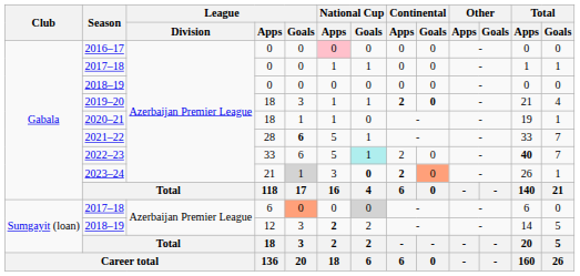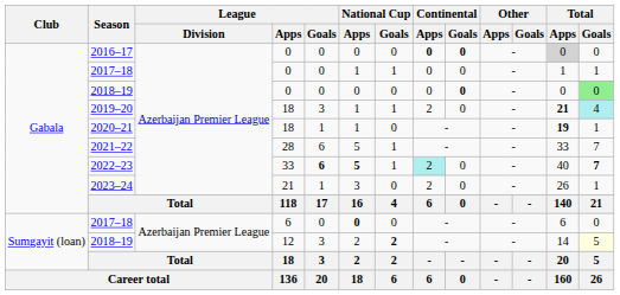 <table class="wikitable" style="text-align:center">
 <tr>
 <th rowspan="2">Club</th>
 <th rowspan="2">Season</th>
 <th colspan="3">League</th>
 <th colspan="2">National Cup</th>
 <th colspan="2">Continental</th>
 <th colspan="2">Other</th>
 <th colspan="2">Total</th>
 </tr>
 <tr>
 <th>Division</th>
 <th>Apps</th>
 <th>Goals</th>
 <th>Apps</th>
 <th>Goals</th>
 <th>Apps</th>
 <th>Goals</th>
 <th>Apps</th>
 <th>Goals</th>
 <th>Apps</th>
 <th>Goals</th>
 </tr>
 <tr>
 <td rowspan="9"><a href='#'>Gabala</a></td>
 <td><a href='#'>2016–17</a></td>
 <td rowspan="8"><a href='#'>Azerbaijan Premier League</a></td>
 <td>0</td>
 <td>0</td>
-<td style="background: pink;">0</td>
 <td>0</td>
 <td>0</td>
-<td>0</td>
+<td><strong>0</strong></td>
+<td><strong>0</strong></td>
 <td colspan="2">-</td>
-<td>0</td>
+<td style="background: lightgrey;">0</td>
 <td>0</td>
 </tr>
 <tr>
 <td><a href='#'>2017–18</a></td>
 <td>0</td>
 <td>0</td>
 <td>1</td>
 <td>1</td>
 <td>0</td>
 <td>0</td>
 <td colspan="2">-</td>
 <td>1</td>
 <td>1</td>
 </tr>
 <tr>
 <td><a href='#'>2018–19</a></td>
 <td>0</td>
 <td>0</td>
 <td>0</td>
 <td>0</td>
 <td>0</td>
-<td>0</td>
+<td><strong>0</strong></td>
 <td colspan="2">-</td>
 <td>0</td>
-<td>0</td>
+<td style="background: lightgreen;">0</td>
 </tr>
 <tr>
 <td><a href='#'>2019–20</a></td>
 <td>18</td>
 <td>3</td>
 <td>1</td>
 <td>1</td>
-<td><strong>2</strong></td>
-<td><strong>0</strong></td>
+<td>2</td>
+<td>0</td>
 <td colspan="2">-</td>
-<td>21</td>
-<td>4</td>
+<td><strong>21</strong></td>
+<td style="background: paleturquoise;">4</td>
 </tr>
 <tr>
 <td><a href='#'>2020–21</a></td>
 <td>18</td>
 <td>1</td>
 <td>1</td>
 <td>0</td>
 <td colspan="2">-</td>
 <td colspan="2">-</td>
-<td>19</td>
+<td><strong>19</strong></td>
 <td>1</td>
 </tr>
 <tr>
 <td><a href='#'>2021–22</a></td>
 <td>28</td>
-<td><strong>6</strong></td>
+<td>6</td>
 <td>5</td>
 <td>1</td>
 <td colspan="2">-</td>
 <td colspan="2">-</td>
 <td>33</td>
 <td>7</td>
 </tr>
 <tr>
 <td><a href='#'>2022–23</a></td>
 <td>33</td>
-<td>6</td>
-<td>5</td>
-<td style="background: paleturquoise;">1</td>
-<td>2</td>
+<td><strong>6</strong></td>
+<td><strong>5</strong></td>
+<td>1</td>
+<td style="background: paleturquoise;">2</td>
 <td>0</td>
 <td colspan="2">-</td>
-<td><strong>40</strong></td>
-<td>7</td>
+<td>40</td>
+<td><strong>7</strong></td>
 </tr>
 <tr>
 <td><a href='#'>2023–24</a></td>
 <td>21</td>
-<td style="background: lightgrey;">1</td>
+<td>1</td>
 <td>3</td>
-<td><strong>0</strong></td>
-<td><strong>2</strong></td>
-<td style="background: lightsalmon;">0</td>
+<td>0</td>
+<td>2</td>
+<td>0</td>
 <td colspan="2">-</td>
 <td>26</td>
 <td>1</td>
 </tr>
 <tr>
 <th colspan="2">Total</th>
 <th>118</th>
 <th>17</th>
 <th>16</th>
 <th>4</th>
 <th>6</th>
 <th>0</th>
 <th>-</th>
 <th>-</th>
 <th>140</th>
 <th>21</th>
 </tr>
 <tr>
 <td rowspan="3"><a href='#'>Sumgayit</a> (loan)</td>
 <td><a href='#'>2017–18</a></td>
 <td rowspan="2">Azerbaijan Premier League</td>
 <td>6</td>
-<td style="background: lightsalmon;">0</td>
 <td>0</td>
-<td style="background: lightgrey;">0</td>
+<td><strong>0</strong></td>
+<td>0</td>
 <td colspan="2">-</td>
 <td colspan="2">-</td>
 <td>6</td>
 <td>0</td>
 </tr>
 <tr>
 <td><a href='#'>2018–19</a></td>
 <td>12</td>
 <td>3</td>
+<td>2</td>
 <td><strong>2</strong></td>
-<td>2</td>
 <td colspan="2">-</td>
 <td colspan="2">-</td>
 <td>14</td>
-<td>5</td>
+<td style="background: lightyellow;">5</td>
 </tr>
 <tr>
 <th colspan="2">Total</th>
 <th>18</th>
 <th>3</th>
 <th>2</th>
 <th>2</th>
 <th>-</th>
 <th>-</th>
 <th>-</th>
 <th>-</th>
 <th>20</th>
 <th>5</th>
 </tr>
 <tr>
 <th colspan="3">Career total</th>
 <th>136</th>
 <th>20</th>
 <th>18</th>
 <th>6</th>
 <th>6</th>
 <th>0</th>
 <th>-</th>
 <th>-</th>
 <th>160</th>
 <th>26</th>
 </tr>
 </table>
